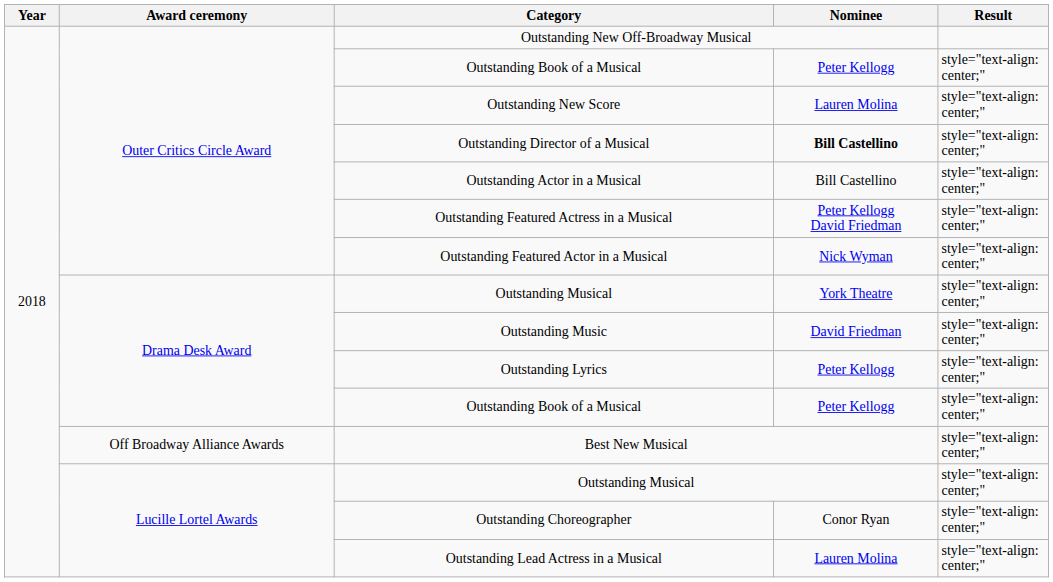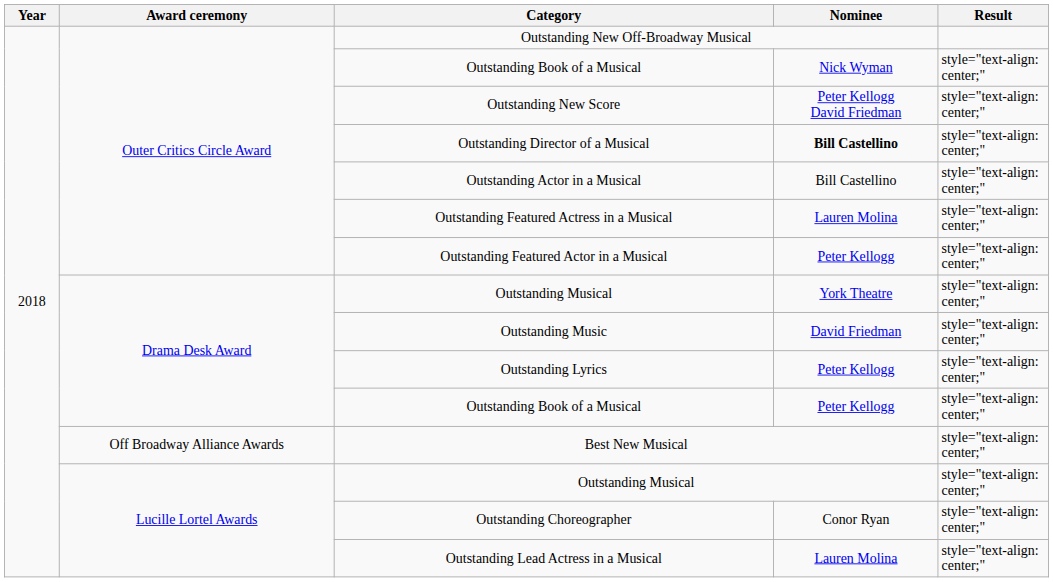 <table class="wikitable" width="95%">
 <tr>
 <th width="5%">Year</th>
 <th width="25%">Award ceremony</th>
 <th width="40%">Category</th>
 <th width="15%">Nominee</th>
 <th width="10%">Result</th>
 </tr>
 <tr>
 <td style="text-align: center;" rowspan="16">2018</td>
 <td style="text-align: center;" rowspan="7"><a href='#'>Outer Critics Circle Award</a></td>
 <td style="text-align: center;" colspan="2">Outstanding New Off-Broadway Musical</td>
 <td></td>
 </tr>
 <tr>
 <td style="text-align: center;">Outstanding Book of a Musical</td>
-<td style="text-align: center;"><a href='#'>Peter Kellogg</a></td>
+<td style="text-align: center;"><a href='#'>Nick Wyman</a></td>
 <td>style="text-align: center;" </td>
 </tr>
 <tr>
 <td style="text-align: center;">Outstanding New Score</td>
-<td style="text-align: center;"><a href='#'>Lauren Molina</a></td>
+<td style="text-align: center;"><a href='#'>Peter Kellogg</a><br><a href='#'>David Friedman</a></td>
 <td>style="text-align: center;" </td>
 </tr>
 <tr>
 <td style="text-align: center;">Outstanding Director of a Musical</td>
 <td style="text-align: center;"><strong>Bill Castellino</strong></td>
 <td>style="text-align: center;" </td>
 </tr>
 <tr>
 <td style="text-align: center;">Outstanding Actor in a Musical</td>
 <td style="text-align: center;">Bill Castellino</td>
 <td>style="text-align: center;" </td>
 </tr>
 <tr>
 <td style="text-align: center;">Outstanding Featured Actress in a Musical</td>
-<td style="text-align: center;"><a href='#'>Peter Kellogg</a><br><a href='#'>David Friedman</a></td>
+<td style="text-align: center;"><a href='#'>Lauren Molina</a></td>
 <td>style="text-align: center;" </td>
 </tr>
 <tr>
 <td style="text-align: center;">Outstanding Featured Actor in a Musical</td>
-<td style="text-align: center;"><a href='#'>Nick Wyman</a></td>
+<td style="text-align: center;"><a href='#'>Peter Kellogg</a></td>
 <td>style="text-align: center;" </td>
 </tr>
 <tr>
 <td style="text-align: center;" rowspan="4"><a href='#'>Drama Desk Award</a></td>
 <td style="text-align: center;">Outstanding Musical</td>
 <td style="text-align: center;"><a href='#'>York Theatre</a></td>
 <td>style="text-align: center;" </td>
 </tr>
 <tr>
 <td style="text-align: center;">Outstanding Music</td>
 <td style="text-align: center;"><a href='#'>David Friedman</a></td>
 <td>style="text-align: center;" </td>
 </tr>
 <tr>
 <td style="text-align: center;">Outstanding Lyrics</td>
 <td style="text-align: center;"><a href='#'>Peter Kellogg</a></td>
 <td>style="text-align: center;" </td>
 </tr>
 <tr>
 <td style="text-align: center;">Outstanding Book of a Musical</td>
 <td style="text-align: center;"><a href='#'>Peter Kellogg</a></td>
 <td>style="text-align: center;" </td>
 </tr>
 <tr>
 <td style="text-align: center;">Off Broadway Alliance Awards</td>
 <td style="text-align: center;" colspan="2">Best New Musical</td>
 <td>style="text-align: center;" </td>
 </tr>
 <tr>
 <td style="text-align: center;" rowspan="4"><a href='#'>Lucille Lortel Awards</a></td>
 <td style="text-align: center;" colspan="2">Outstanding Musical</td>
 <td>style="text-align: center;" </td>
 </tr>
 <tr>
 <td style="text-align: center;">Outstanding Choreographer</td>
 <td style="text-align: center;">Conor Ryan</td>
 <td>style="text-align: center;"</td>
 </tr>
 <tr>
 <td style="text-align: center;">Outstanding Lead Actress in a Musical</td>
 <td style="text-align: center;"><a href='#'>Lauren Molina</a></td>
 <td>style="text-align: center;" </td>
 </tr>
 </table>
